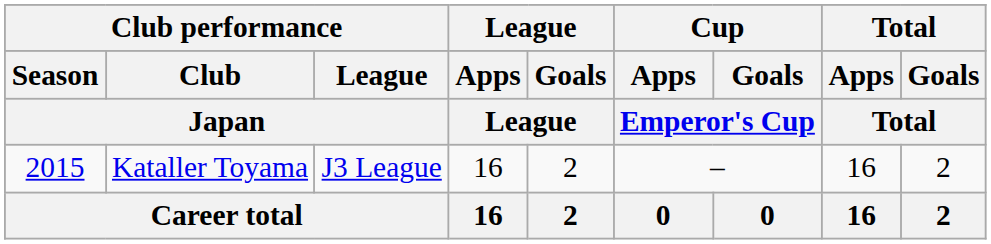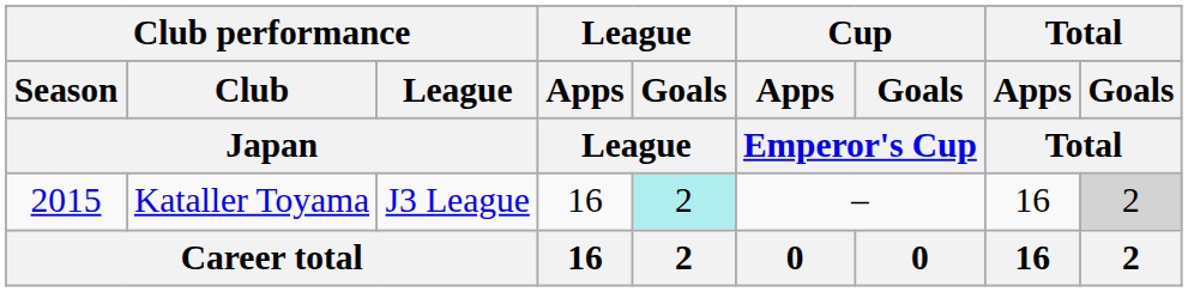 <table class="wikitable" style="text-align:center">
 <tr>
 <th colspan=3>Club performance</th>
 <th colspan=2>League</th>
 <th colspan=2>Cup</th>
 <th colspan=2>Total</th>
 </tr>
 <tr>
 <th>Season</th>
 <th>Club</th>
 <th>League</th>
 <th>Apps</th>
 <th>Goals</th>
 <th>Apps</th>
 <th>Goals</th>
 <th>Apps</th>
 <th>Goals</th>
 </tr>
 <tr>
 <th colspan=3>Japan</th>
 <th colspan=2>League</th>
 <th colspan=2><a href='#'>Emperor's Cup</a></th>
 <th colspan=2>Total</th>
 </tr>
 <tr>
 <td><a href='#'>2015</a></td>
 <td rowspan="1"><a href='#'>Kataller Toyama</a></td>
 <td rowspan="1"><a href='#'>J3 League</a></td>
 <td>16</td>
-<td>2</td>
+<td style="background: paleturquoise;">2</td>
 <td colspan="2">–</td>
 <td>16</td>
-<td>2</td>
+<td style="background: lightgrey;">2</td>
 </tr>
 <tr>
 <th colspan=3>Career total</th>
 <th>16</th>
 <th>2</th>
 <th>0</th>
 <th>0</th>
 <th>16</th>
 <th>2</th>
 </tr>
 </table>
